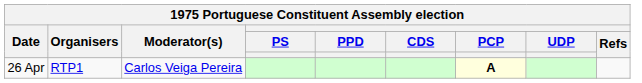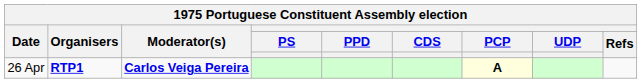 <table class="wikitable" style="font-size:98%; text-align:center;">
 <tr>
 <th colspan="20">1975 Portuguese Constituent Assembly election</th>
 </tr>
 <tr>
 <th rowspan="3">Date</th>
 <th rowspan="3">Organisers</th>
 <th rowspan="3">Moderator(s)</th>
 <th colspan="18">      </th>
 </tr>
 <tr>
 <th scope="col" style="width:5em;"><a href='#'>PS</a></th>
 <th scope="col" style="width:5em;"><a href='#'>PPD</a></th>
 <th scope="col" style="width:5em;"><a href='#'>CDS</a></th>
 <th scope="col" style="width:5em;"><a href='#'>PCP</a></th>
 <th scope="col" style="width:5em;"><a href='#'>UDP</a></th>
 <th rowspan="2">Refs</th>
 </tr>
 <tr>
 <th style="background:"></th>
 <th style="background:"></th>
 <th style="background:"></th>
 <th style="background:"></th>
 <th style="background:"></th>
 </tr>
 <tr>
 <td style="white-space:nowrap; text-align:left;">26 Apr</td>
-<td style="white-space:nowrap; text-align:left;"><a href='#'>RTP1</a></td>
-<td style="white-space:nowrap; text-align:left;"><a href='#'>Carlos Veiga Pereira</a></td>
+<td style="white-space:nowrap; text-align:left;"><strong><a href='#'>RTP1</a></strong></td>
+<td style="white-space:nowrap; text-align:left;"><strong><a href='#'>Carlos Veiga Pereira</a></strong></td>
 <td style="background:#D0FFD0;"><strong></strong></td>
 <td style="background:#D0FFD0;"><strong></strong></td>
 <td style="background:#D0FFD0;"><strong></strong></td>
 <td style="background:#ffffdd;"><strong>A</strong></td>
 <td style="background:#D0FFD0;"><strong></strong></td>
 <td></td>
 </tr>
 </table>
